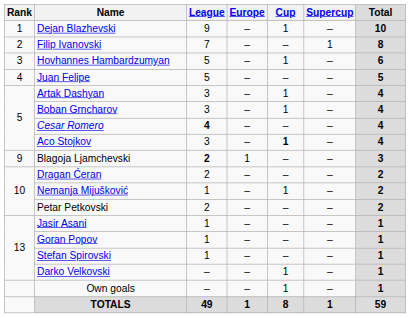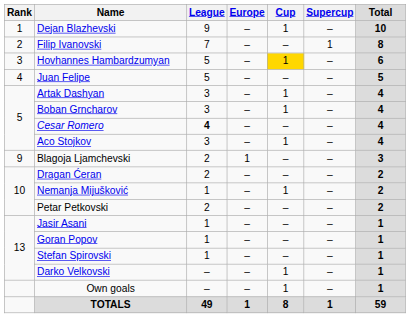 <table class="wikitable" style="text-align: center;">
 <tr>
 <th width=40>Rank</th>
 <th width=230>Name</th>
 <th width=50><a href='#'>League</a></th>
 <th width=50><a href='#'>Europe</a></th>
 <th width=50><a href='#'>Cup</a></th>
 <th width=50><a href='#'>Supercup</a></th>
 <th width=70 style="background: #DCDCDC">Total</th>
 </tr>
 <tr>
 <td rowspan=1>1</td>
 <td style="text-align:left;"> <a href='#'>Dejan Blazhevski</a></td>
 <td>9</td>
 <td>–</td>
 <td>1</td>
 <td>–</td>
 <th style="background: #DCDCDC"><strong>10</strong></th>
 </tr>
 <tr>
 <td rowspan=1>2</td>
 <td style="text-align:left;"> <a href='#'>Filip Ivanovski</a></td>
 <td>7</td>
 <td>–</td>
 <td>–</td>
 <td>1</td>
 <th style="background: #DCDCDC"><strong>8</strong></th>
 </tr>
 <tr>
 <td rowspan=1>3</td>
 <td style="text-align:left;"> <a href='#'>Hovhannes Hambardzumyan</a></td>
 <td>5</td>
 <td>–</td>
-<td>1</td>
+<td style="background: gold;">1</td>
 <td>–</td>
 <th style="background: #DCDCDC"><strong>6</strong></th>
 </tr>
 <tr>
 <td rowspan=1>4</td>
 <td style="text-align:left;"> <a href='#'>Juan Felipe</a></td>
 <td>5</td>
 <td>–</td>
 <td>–</td>
 <td>–</td>
 <th style="background: #DCDCDC"><strong>5</strong></th>
 </tr>
 <tr>
 <td rowspan=4>5</td>
 <td style="text-align:left;"> <a href='#'>Artak Dashyan</a></td>
 <td>3</td>
 <td>–</td>
 <td>1</td>
 <td>–</td>
 <th style="background: #DCDCDC"><strong>4</strong></th>
 </tr>
 <tr>
 <td style="text-align:left;"> <a href='#'>Boban Grncharov</a></td>
 <td>3</td>
 <td>–</td>
 <td>1</td>
 <td>–</td>
 <th style="background: #DCDCDC"><strong>4</strong></th>
 </tr>
 <tr>
 <td style="text-align:left;"> <em><a href='#'>Cesar Romero</a></em></td>
 <td><strong>4</strong></td>
 <td>–</td>
 <td>–</td>
 <td>–</td>
 <th style="background: #DCDCDC"><strong>4</strong></th>
 </tr>
 <tr>
 <td style="text-align:left;"> <a href='#'>Aco Stojkov</a></td>
 <td>3</td>
 <td>–</td>
-<td><strong>1</strong></td>
+<td>1</td>
 <td>–</td>
 <th style="background: #DCDCDC"><strong>4</strong></th>
 </tr>
 <tr>
 <td rowspan=1>9</td>
 <td style="text-align:left;"> Blagoja Ljamchevski</td>
-<td><strong>2</strong></td>
+<td>2</td>
 <td>1</td>
 <td>–</td>
 <td>–</td>
 <th style="background: #DCDCDC"><strong>3</strong></th>
 </tr>
 <tr>
 <td rowspan=3>10</td>
 <td style="text-align:left;"> <a href='#'>Dragan Ćeran</a></td>
 <td>2</td>
 <td>–</td>
 <td>–</td>
 <td>–</td>
 <th style="background: #DCDCDC"><strong>2</strong></th>
 </tr>
 <tr>
 <td style="text-align:left;"> <a href='#'>Nemanja Mijušković</a></td>
 <td>1</td>
 <td>–</td>
 <td>1</td>
 <td>–</td>
 <th style="background: #DCDCDC"><strong>2</strong></th>
 </tr>
 <tr>
 <td style="text-align:left;"> Petar Petkovski</td>
 <td>2</td>
 <td>–</td>
 <td>–</td>
 <td>–</td>
 <th style="background: #DCDCDC"><strong>2</strong></th>
 </tr>
 <tr>
 <td rowspan=4>13</td>
 <td style="text-align:left;"> <a href='#'>Jasir Asani</a></td>
 <td>1</td>
 <td>–</td>
 <td>–</td>
 <td>–</td>
 <th style="background: #DCDCDC"><strong>1</strong></th>
 </tr>
 <tr>
 <td style="text-align:left;"> <a href='#'>Goran Popov</a></td>
 <td>1</td>
 <td>–</td>
 <td>–</td>
 <td>–</td>
 <th style="background: #DCDCDC"><strong>1</strong></th>
 </tr>
 <tr>
 <td style="text-align:left;"> <a href='#'>Stefan Spirovski</a></td>
 <td>1</td>
 <td>–</td>
 <td>–</td>
 <td>–</td>
 <th style="background: #DCDCDC"><strong>1</strong></th>
 </tr>
 <tr>
 <td style="text-align:left;"> <a href='#'>Darko Velkovski</a></td>
 <td>–</td>
 <td>–</td>
 <td>1</td>
 <td>–</td>
 <th style="background: #DCDCDC"><strong>1</strong></th>
 </tr>
 <tr>
 <td></td>
 <td style="text-align:center;">Own goals</td>
 <td>–</td>
 <td>–</td>
 <td>1</td>
 <td>–</td>
 <th style="background: #DCDCDC"><strong>1</strong></th>
 </tr>
 <tr>
 <td></td>
 <th style="background: #DCDCDC"><strong>TOTALS</strong></th>
 <th style="background: #DCDCDC"><strong>49</strong></th>
 <th style="background: #DCDCDC"><strong>1</strong></th>
 <th style="background: #DCDCDC"><strong>8</strong></th>
 <th style="background: #DCDCDC"><strong>1</strong></th>
 <th style="background: #DCDCDC"><strong>59</strong></th>
 </tr>
 </table>
